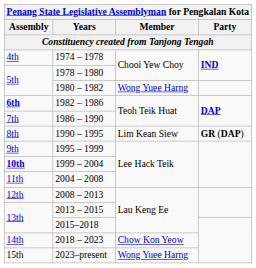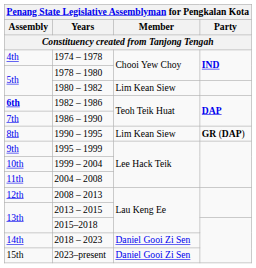 <table class="wikitable">
 <tr>
 <th colspan="4"><a href='#'>Penang State Legislative Assemblyman</a> for Pengkalan Kota</th>
 </tr>
 <tr>
 <th>Assembly</th>
 <th>Years</th>
 <th>Member</th>
 <th>Party</th>
 </tr>
 <tr>
 <th colspan="4" align="center"><em>Constituency created from Tanjong Tengah</em></th>
 </tr>
 <tr>
 <td><a href='#'>4th</a></td>
 <td>1974 – 1978</td>
 <td rowspan="2">Chooi Yew Choy</td>
 <td rowspan="2" bgcolor=><strong><a href='#'>IND</a></strong></td>
 </tr>
 <tr>
 <td rowspan="2"><a href='#'>5th</a></td>
 <td>1978 – 1980</td>
 </tr>
 <tr>
 <td>1980 – 1982</td>
-<td><a href='#'>Wong Yuee Harng</a></td>
+<td>Lim Kean Siew</td>
 <td></td>
 </tr>
 <tr>
 <td><strong><a href='#'>6th</a></strong></td>
 <td>1982 – 1986</td>
 <td rowspan=2>Teoh Teik Huat</td>
 <td rowspan=2><strong><a href='#'>DAP</a></strong></td>
 </tr>
 <tr>
 <td><a href='#'>7th</a></td>
 <td>1986 – 1990</td>
 </tr>
 <tr>
 <td><a href='#'>8th</a></td>
 <td>1990 – 1995</td>
 <td>Lim Kean Siew</td>
 <td><strong>GR</strong> (<strong>DAP</strong>)</td>
 </tr>
 <tr>
 <td><a href='#'>9th</a></td>
 <td>1995 – 1999</td>
 <td rowspan="3">Lee Hack Teik</td>
 <td rowspan="3"></td>
 </tr>
 <tr>
-<td><strong><a href='#'>10th</a></strong></td>
+<td><a href='#'>10th</a></td>
 <td>1999 – 2004</td>
 </tr>
 <tr>
 <td><a href='#'>11th</a></td>
 <td>2004 – 2008</td>
 </tr>
 <tr>
 <td><a href='#'>12th</a></td>
 <td>2008 – 2013</td>
 <td rowspan=3>Lau Keng Ee</td>
 <td rowspan=2></td>
 </tr>
 <tr>
 <td rowspan=2><a href='#'>13th</a></td>
 <td>2013 – 2015</td>
 </tr>
 <tr>
 <td>2015–2018</td>
 <td rowspan=3></td>
 </tr>
 <tr>
 <td><a href='#'>14th</a></td>
 <td>2018 – 2023</td>
-<td><a href='#'>Chow Kon Yeow</a></td>
+<td><a href='#'>Daniel Gooi Zi Sen</a></td>
 </tr>
 <tr>
 <td>15th</td>
 <td>2023–present</td>
-<td><a href='#'>Wong Yuee Harng</a></td>
+<td><a href='#'>Daniel Gooi Zi Sen</a></td>
 </tr>
 </table>
